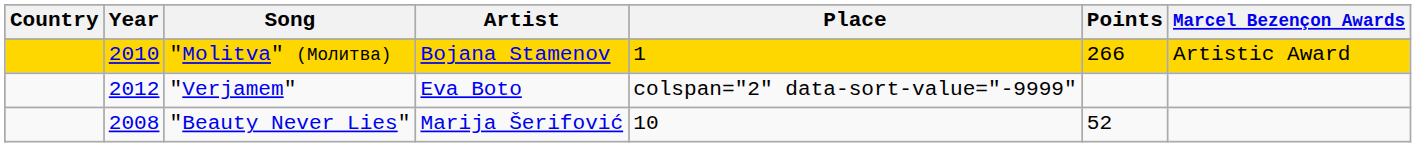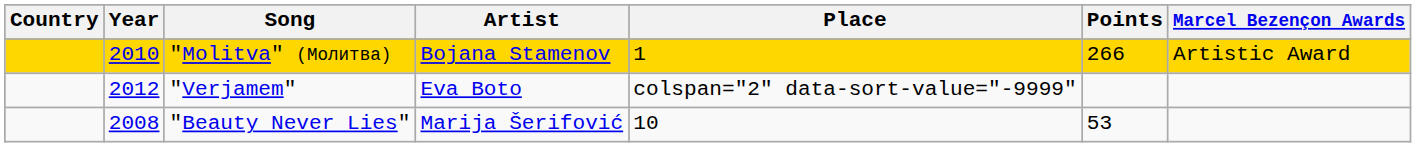 <table class="sortable wikitable" align="center" style="font-size: 95%;">
 <tr>
 <th>Country</th>
 <th>Year</th>
 <th>Song</th>
 <th>Artist</th>
 <th>Place</th>
 <th>Points</th>
 <th><small><a href='#'>Marcel Bezençon Awards</a></small></th>
 </tr>
 <tr bgcolor = "gold">
 <td></td>
 <td><a href='#'>2010</a></td>
 <td>"<a href='#'>Molitva</a>" <small>(Молитва)</small></td>
 <td><a href='#'>Bojana Stamenov</a></td>
 <td>1</td>
 <td>266</td>
 <td>Artistic Award</td>
 </tr>
 <tr>
 <td></td>
 <td><a href='#'>2012</a></td>
 <td>"<a href='#'>Verjamem</a>"</td>
 <td><a href='#'>Eva Boto</a></td>
 <td>colspan="2" data-sort-value="-9999" </td>
 <td></td>
 </tr>
 <tr>
 <td></td>
 <td><a href='#'>2008</a></td>
 <td>"<a href='#'>Beauty Never Lies</a>"</td>
 <td><a href='#'>Marija Šerifović</a></td>
 <td>10</td>
-<td>52</td>
+<td>53</td>
 <td></td>
 </tr>
 </table>
